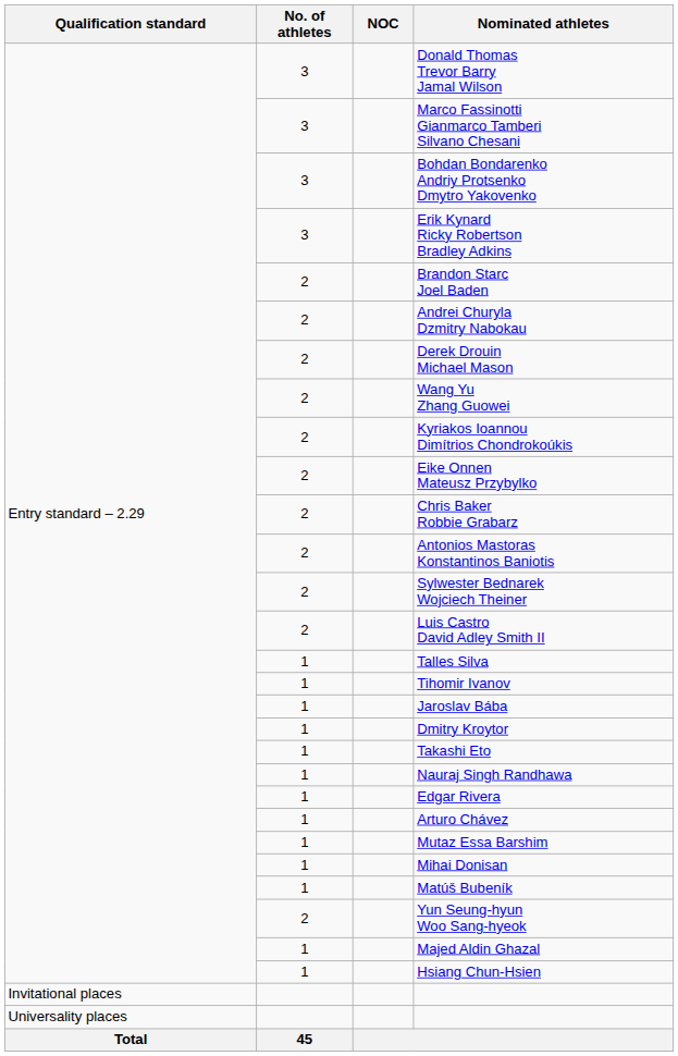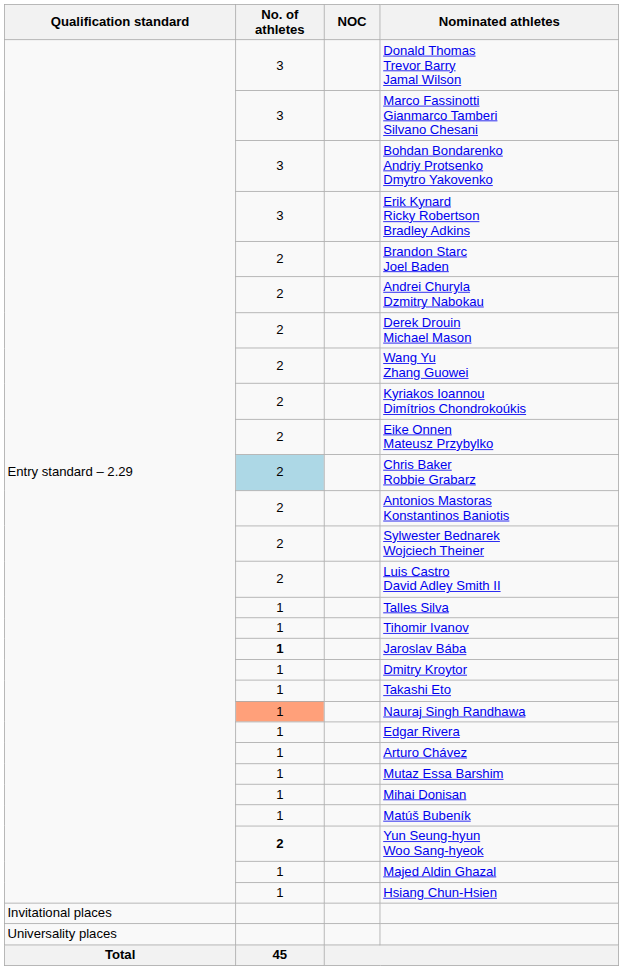 <table class="wikitable"  style="text-align:left; width:750px;">
 <tr>
 <th>Qualification standard</th>
 <th width=100>No. of athletes</th>
 <th>NOC</th>
 <th>Nominated athletes</th>
 </tr>
 <tr>
 <td rowspan=28>Entry standard – 2.29</td>
 <td style="text-align:center;">3</td>
 <td></td>
 <td><a href='#'>Donald Thomas</a><br><a href='#'>Trevor Barry</a><br><a href='#'>Jamal Wilson</a></td>
 </tr>
 <tr>
 <td style="text-align:center;">3</td>
 <td></td>
 <td><a href='#'>Marco Fassinotti</a><br><a href='#'>Gianmarco Tamberi</a><br><a href='#'>Silvano Chesani</a></td>
 </tr>
 <tr>
 <td style="text-align:center;">3</td>
 <td></td>
 <td><a href='#'>Bohdan Bondarenko</a><br><a href='#'>Andriy Protsenko</a><br><a href='#'>Dmytro Yakovenko</a></td>
 </tr>
 <tr>
 <td style="text-align:center;">3</td>
 <td></td>
 <td><a href='#'>Erik Kynard</a><br><a href='#'>Ricky Robertson</a><br><a href='#'>Bradley Adkins</a></td>
 </tr>
 <tr>
 <td style="text-align:center;">2</td>
 <td></td>
 <td><a href='#'>Brandon Starc</a><br><a href='#'>Joel Baden</a></td>
 </tr>
 <tr>
 <td style="text-align:center;">2</td>
 <td></td>
 <td><a href='#'>Andrei Churyla</a><br><a href='#'>Dzmitry Nabokau</a></td>
 </tr>
 <tr>
 <td style="text-align:center;">2</td>
 <td></td>
 <td><a href='#'>Derek Drouin</a><br><a href='#'>Michael Mason</a></td>
 </tr>
 <tr>
 <td style="text-align:center;">2</td>
 <td></td>
 <td><a href='#'>Wang Yu</a><br><a href='#'>Zhang Guowei</a></td>
 </tr>
 <tr>
 <td style="text-align:center;">2</td>
 <td></td>
 <td><a href='#'>Kyriakos Ioannou</a><br><a href='#'>Dimítrios Chondrokoúkis</a></td>
 </tr>
 <tr>
 <td style="text-align:center;">2</td>
 <td></td>
 <td><a href='#'>Eike Onnen</a><br><a href='#'>Mateusz Przybylko</a></td>
 </tr>
 <tr>
-<td style="text-align:center;">2</td>
+<td style="background: lightblue; text-align:center;">2</td>
 <td></td>
 <td><a href='#'>Chris Baker</a><br><a href='#'>Robbie Grabarz</a></td>
 </tr>
 <tr>
 <td style="text-align:center;">2</td>
 <td></td>
 <td><a href='#'>Antonios Mastoras</a><br><a href='#'>Konstantinos Baniotis</a></td>
 </tr>
 <tr>
 <td style="text-align:center;">2</td>
 <td></td>
 <td><a href='#'>Sylwester Bednarek</a><br><a href='#'>Wojciech Theiner</a></td>
 </tr>
 <tr>
 <td style="text-align:center;">2</td>
 <td></td>
 <td><a href='#'>Luis Castro</a><br><a href='#'>David Adley Smith II</a></td>
 </tr>
 <tr>
 <td style="text-align:center;">1</td>
 <td></td>
 <td><a href='#'>Talles Silva</a></td>
 </tr>
 <tr>
 <td style="text-align:center;">1</td>
 <td></td>
 <td><a href='#'>Tihomir Ivanov</a></td>
 </tr>
 <tr>
-<td style="text-align:center;">1</td>
+<td style="text-align:center;"><strong>1</strong></td>
 <td></td>
 <td><a href='#'>Jaroslav Bába</a></td>
 </tr>
 <tr>
 <td style="text-align:center;">1</td>
 <td></td>
 <td><a href='#'>Dmitry Kroytor</a></td>
 </tr>
 <tr>
 <td style="text-align:center;">1</td>
 <td></td>
 <td><a href='#'>Takashi Eto</a></td>
 </tr>
 <tr>
-<td style="text-align:center;">1</td>
+<td style="background: lightsalmon; text-align:center;">1</td>
 <td></td>
 <td><a href='#'>Nauraj Singh Randhawa</a></td>
 </tr>
 <tr>
 <td style="text-align:center;">1</td>
 <td></td>
 <td><a href='#'>Edgar Rivera</a></td>
 </tr>
 <tr>
 <td style="text-align:center;">1</td>
 <td></td>
 <td><a href='#'>Arturo Chávez</a></td>
 </tr>
 <tr>
 <td style="text-align:center;">1</td>
 <td></td>
 <td><a href='#'>Mutaz Essa Barshim</a></td>
 </tr>
 <tr>
 <td style="text-align:center;">1</td>
 <td></td>
 <td><a href='#'>Mihai Donisan</a></td>
 </tr>
 <tr>
 <td style="text-align:center;">1</td>
 <td></td>
 <td><a href='#'>Matúš Bubeník</a></td>
 </tr>
 <tr>
-<td style="text-align:center;">2</td>
+<td style="text-align:center;"><strong>2</strong></td>
 <td></td>
 <td><a href='#'>Yun Seung-hyun</a><br><a href='#'>Woo Sang-hyeok</a></td>
 </tr>
 <tr>
 <td style="text-align:center;">1</td>
 <td></td>
 <td><a href='#'>Majed Aldin Ghazal</a></td>
 </tr>
 <tr>
 <td style="text-align:center;">1</td>
 <td></td>
 <td><a href='#'>Hsiang Chun-Hsien</a></td>
 </tr>
 <tr>
 <td>Invitational places</td>
 <td></td>
 <td></td>
 <td></td>
 </tr>
 <tr>
 <td>Universality places</td>
 <td></td>
 <td></td>
 <td></td>
 </tr>
 <tr>
 <th>Total</th>
 <th>45</th>
 <th colspan=2></th>
 </tr>
 </table>
